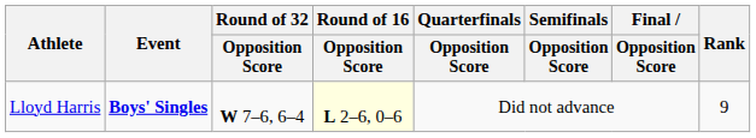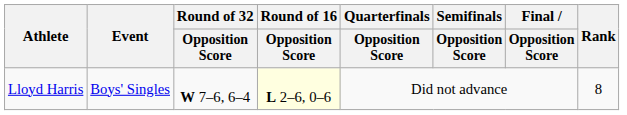 <table class=wikitable style="font-size:90%">
 <tr>
 <th rowspan="2">Athlete</th>
 <th rowspan="2">Event</th>
 <th>Round of 32</th>
 <th>Round of 16</th>
 <th>Quarterfinals</th>
 <th>Semifinals</th>
 <th>Final / </th>
 <th rowspan=2>Rank</th>
 </tr>
 <tr style="font-size:95%">
 <th>Opposition<br>Score</th>
 <th>Opposition<br>Score</th>
 <th>Opposition<br>Score</th>
 <th>Opposition<br>Score</th>
 <th>Opposition<br>Score</th>
 </tr>
 <tr align=center>
 <td align=left><a href='#'>Lloyd Harris</a></td>
-<td align=left><strong><a href='#'>Boys' Singles</a></strong></td>
+<td align=left><a href='#'>Boys' Singles</a></td>
 <td><br><strong>W</strong> 7–6, 6–4</td>
 <td style="background: lightyellow;"><br><strong>L</strong> 2–6, 0–6</td>
 <td colspan=3>Did not advance</td>
-<td>9</td>
+<td>8</td>
 </tr>
 </table>
